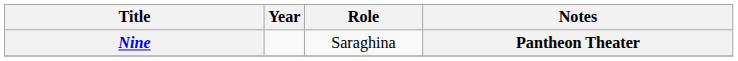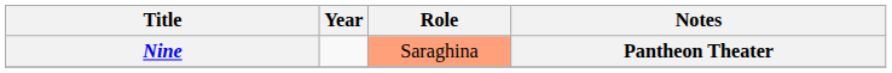 <table class="wikitable sortable plainrowheaders" style="text-align:center;">
 <tr>
 <th scope="col" style="width:250px;">Title</th>
 <th scope="col" style="width:5px;;">Year</th>
 <th scope="col" style="width:110px;">Role</th>
 <th scope="col" style="width:300px;" class="unsortable">Notes</th>
 </tr>
 <tr>
 <th scope="row"><em><a href='#'>Nine</a></em></th>
 <td></td>
-<td>Saraghina</td>
+<td style="background: lightsalmon;">Saraghina</td>
 <th scope="row">Pantheon Theater</th>
 </tr>
 <tr>
 </tr>
 </table>
